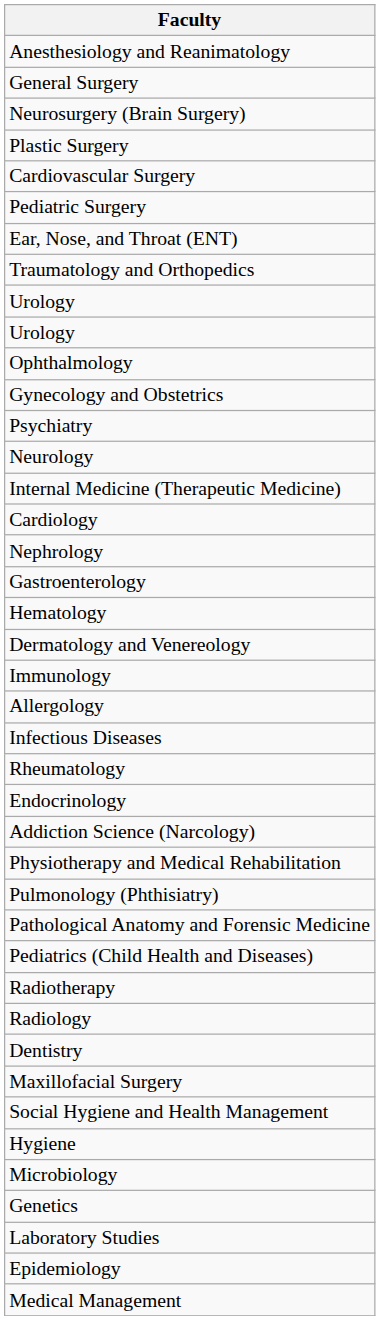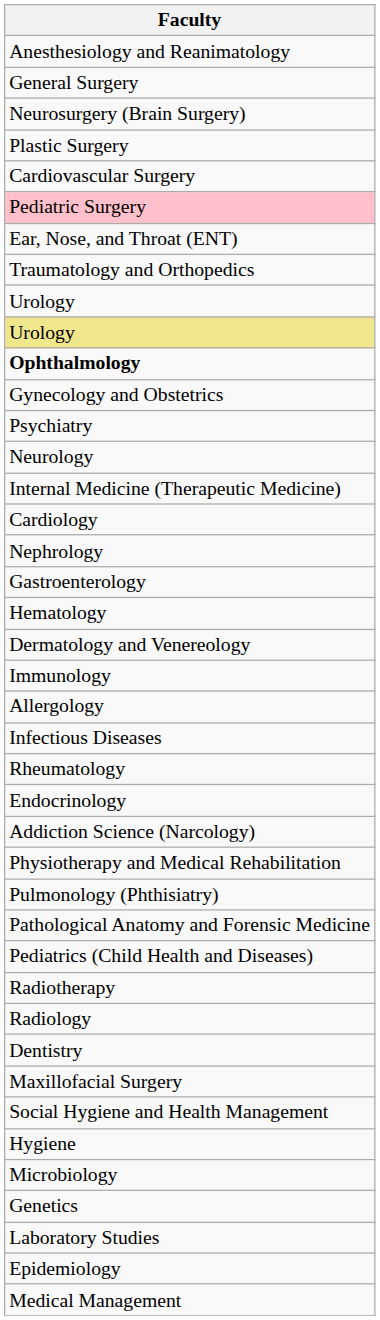 <table class="wikitable">
 <tr>
 <th>Faculty</th>
 </tr>
 <tr>
 <td>Anesthesiology and Reanimatology</td>
 </tr>
 <tr>
 <td>General Surgery</td>
 </tr>
 <tr>
 <td>Neurosurgery (Brain Surgery)</td>
 </tr>
 <tr>
 <td>Plastic Surgery</td>
 </tr>
 <tr>
 <td>Cardiovascular Surgery</td>
 </tr>
 <tr>
-<td>Pediatric Surgery</td>
+<td style="background: pink;">Pediatric Surgery</td>
 </tr>
 <tr>
 <td>Ear, Nose, and Throat (ENT)</td>
 </tr>
 <tr>
 <td>Traumatology and Orthopedics</td>
 </tr>
 <tr>
 <td>Urology</td>
 </tr>
 <tr>
-<td>Urology</td>
+<td style="background: khaki;">Urology</td>
 </tr>
 <tr>
-<td>Ophthalmology</td>
+<td><strong>Ophthalmology</strong></td>
 </tr>
 <tr>
 <td>Gynecology and Obstetrics</td>
 </tr>
 <tr>
 <td>Psychiatry</td>
 </tr>
 <tr>
 <td>Neurology</td>
 </tr>
 <tr>
 <td>Internal Medicine (Therapeutic Medicine)</td>
 </tr>
 <tr>
 <td>Cardiology</td>
 </tr>
 <tr>
 <td>Nephrology</td>
 </tr>
 <tr>
 <td>Gastroenterology</td>
 </tr>
 <tr>
 <td>Hematology</td>
 </tr>
 <tr>
 <td>Dermatology and Venereology</td>
 </tr>
 <tr>
 <td>Immunology</td>
 </tr>
 <tr>
 <td>Allergology</td>
 </tr>
 <tr>
 <td>Infectious Diseases</td>
 </tr>
 <tr>
 <td>Rheumatology</td>
 </tr>
 <tr>
 <td>Endocrinology</td>
 </tr>
 <tr>
 <td>Addiction Science (Narcology)</td>
 </tr>
 <tr>
 <td>Physiotherapy and Medical Rehabilitation</td>
 </tr>
 <tr>
 <td>Pulmonology (Phthisiatry)</td>
 </tr>
 <tr>
 <td>Pathological Anatomy and Forensic Medicine</td>
 </tr>
 <tr>
 <td>Pediatrics (Child Health and Diseases)</td>
 </tr>
 <tr>
 <td>Radiotherapy</td>
 </tr>
 <tr>
 <td>Radiology</td>
 </tr>
 <tr>
 <td>Dentistry</td>
 </tr>
 <tr>
 <td>Maxillofacial Surgery</td>
 </tr>
 <tr>
 <td>Social Hygiene and Health Management</td>
 </tr>
 <tr>
 <td>Hygiene</td>
 </tr>
 <tr>
 <td>Microbiology</td>
 </tr>
 <tr>
 <td>Genetics</td>
 </tr>
 <tr>
 <td>Laboratory Studies</td>
 </tr>
 <tr>
 <td>Epidemiology</td>
 </tr>
 <tr>
 <td>Medical Management</td>
 </tr>
 </table>
